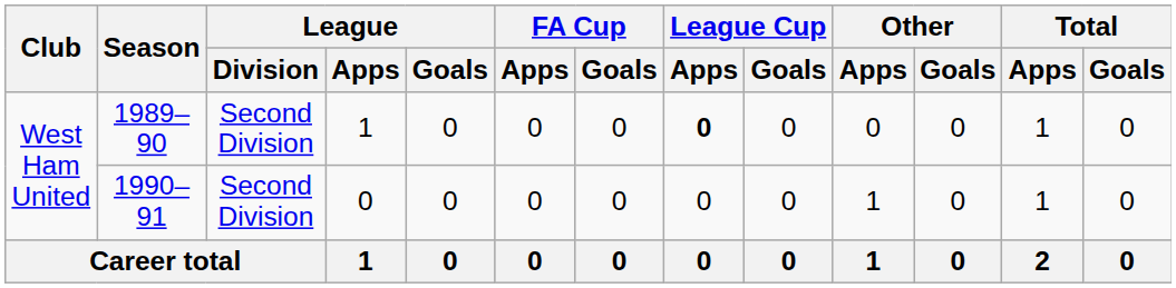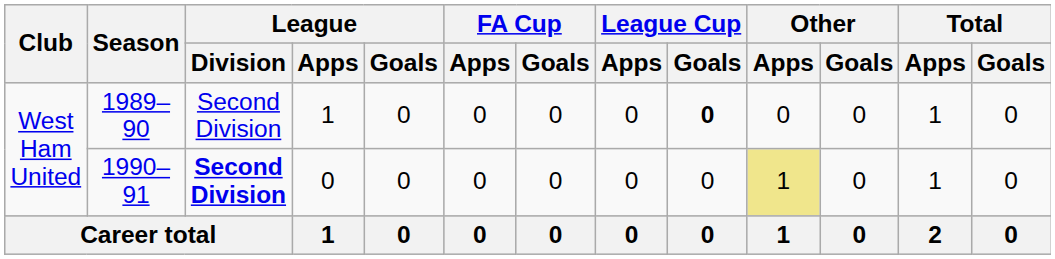 <table class="wikitable" style="text-align:center">
 <tr>
 <th rowspan="2">Club</th>
 <th rowspan="2">Season</th>
 <th colspan="3">League</th>
 <th colspan="2"><a href='#'>FA Cup</a></th>
 <th colspan="2"><a href='#'>League Cup</a></th>
 <th colspan="2">Other</th>
 <th colspan="2">Total</th>
 </tr>
 <tr>
 <th>Division</th>
 <th>Apps</th>
 <th>Goals</th>
 <th>Apps</th>
 <th>Goals</th>
 <th>Apps</th>
 <th>Goals</th>
 <th>Apps</th>
 <th>Goals</th>
 <th>Apps</th>
 <th>Goals</th>
 </tr>
 <tr>
 <td rowspan="2"><a href='#'>West Ham United</a></td>
 <td><a href='#'>1989–90</a></td>
 <td><a href='#'>Second Division</a></td>
 <td>1</td>
 <td>0</td>
 <td>0</td>
 <td>0</td>
+<td>0</td>
 <td><strong>0</strong></td>
-<td>0</td>
 <td>0</td>
 <td>0</td>
 <td>1</td>
 <td>0</td>
 </tr>
 <tr>
 <td><a href='#'>1990–91</a></td>
-<td><a href='#'>Second Division</a></td>
+<td><strong><a href='#'>Second Division</a></strong></td>
 <td>0</td>
 <td>0</td>
 <td>0</td>
 <td>0</td>
 <td>0</td>
 <td>0</td>
-<td>1</td>
+<td style="background: khaki;">1</td>
 <td>0</td>
 <td>1</td>
 <td>0</td>
 </tr>
 <tr>
 <th colspan="3">Career total</th>
 <th>1</th>
 <th>0</th>
 <th>0</th>
 <th>0</th>
 <th>0</th>
 <th>0</th>
 <th>1</th>
 <th>0</th>
 <th>2</th>
 <th>0</th>
 </tr>
 </table>
